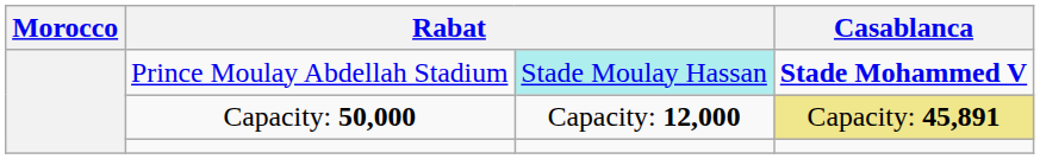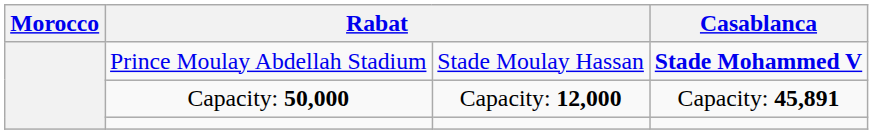 <table class="wikitable" style="text-align:center;amrgin:1em auto;">
 <tr>
 <th><a href='#'>Morocco</a></th>
 <th colspan=2><a href='#'>Rabat</a></th>
 <th><a href='#'>Casablanca</a></th>
 </tr>
 <tr>
 <th rowspan="3"></th>
 <td><a href='#'>Prince Moulay Abdellah Stadium</a></td>
-<td style="background: paleturquoise;"><a href='#'>Stade Moulay Hassan</a></td>
+<td><a href='#'>Stade Moulay Hassan</a></td>
 <td><strong><a href='#'>Stade Mohammed V</a></strong></td>
 </tr>
 <tr>
 <td>Capacity: <strong>50,000</strong></td>
 <td>Capacity: <strong>12,000</strong></td>
-<td style="background: khaki;">Capacity: <strong>45,891</strong></td>
+<td>Capacity: <strong>45,891</strong></td>
 </tr>
 <tr>
 <td></td>
 <td></td>
 <td></td>
 </tr>
 </table>
